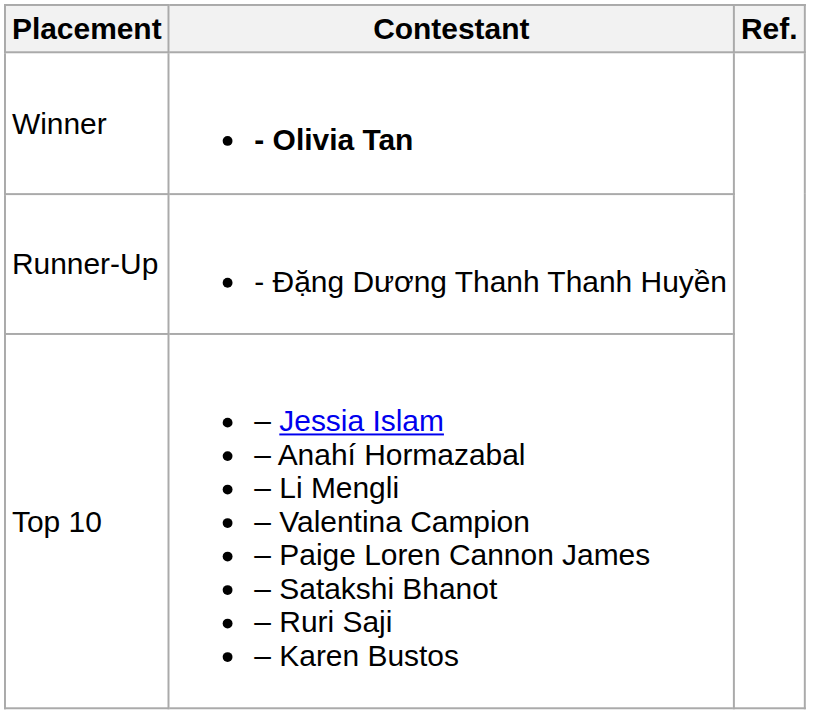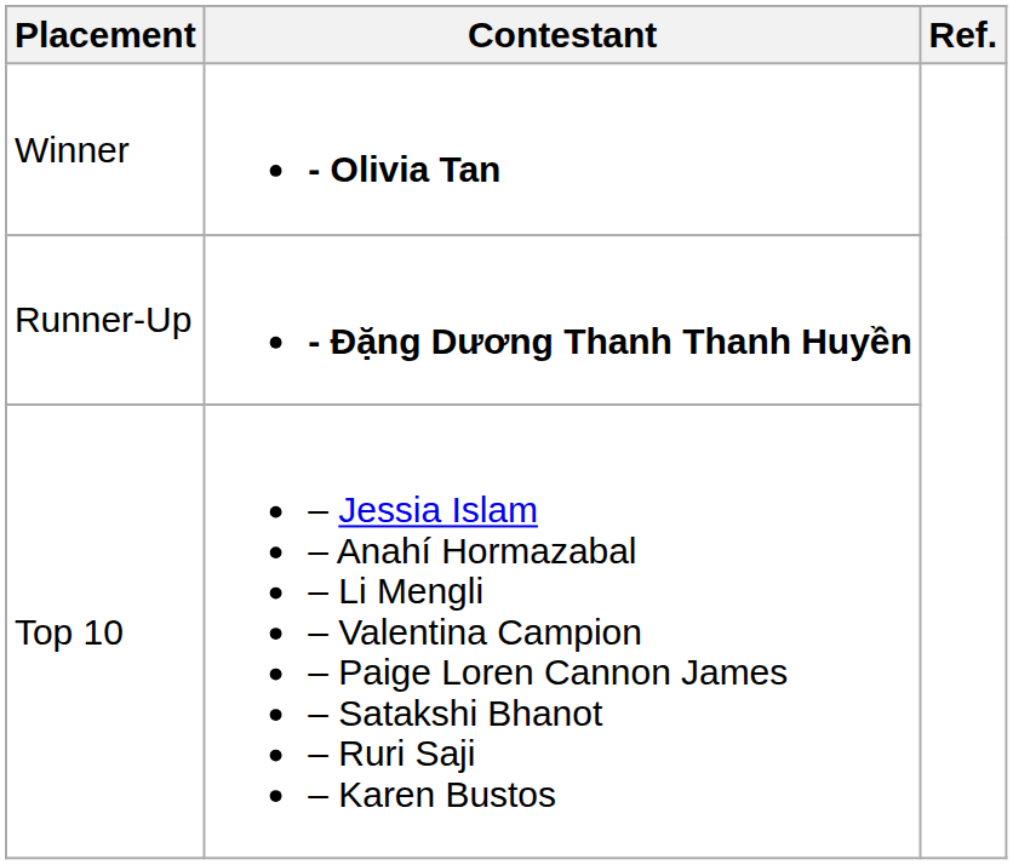 <table class="wikitable sortable" style="background:#FFFFFF; font-size:95%;">
 <tr>
 <th>Placement</th>
 <th>Contestant</th>
 <th>Ref.</th>
 </tr>
 <tr>
 <td>Winner</td>
 <td><strong><br><ul><li> - Olivia Tan</li></ul></strong></td>
 <td rowspan=3></td>
 </tr>
 <tr>
 <td>Runner-Up</td>
-<td><br><ul><li> - Đặng Dương Thanh Thanh Huyền</li></ul></td>
+<td><strong><br><ul><li> - Đặng Dương Thanh Thanh Huyền</li></ul></strong></td>
 </tr>
 <tr>
 <td>Top 10</td>
 <td><br><ul><li> – <a href='#'>Jessia Islam</a></li><li> – Anahí Hormazabal</li><li> – Li Mengli</li><li> – Valentina Campion</li><li> – Paige Loren Cannon James</li><li> – Satakshi Bhanot</li><li> – Ruri Saji</li><li> – Karen Bustos</li></ul></td>
 </tr>
 </table>
